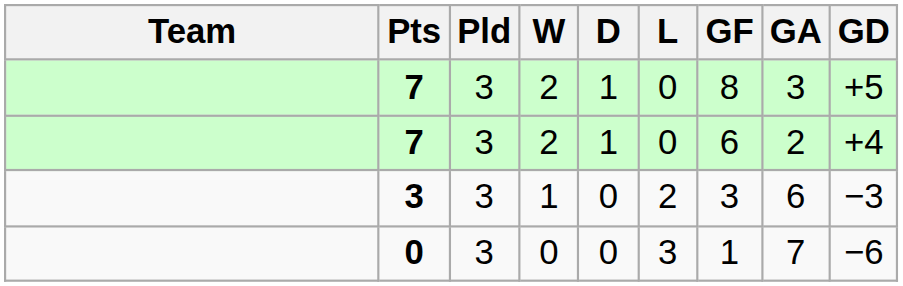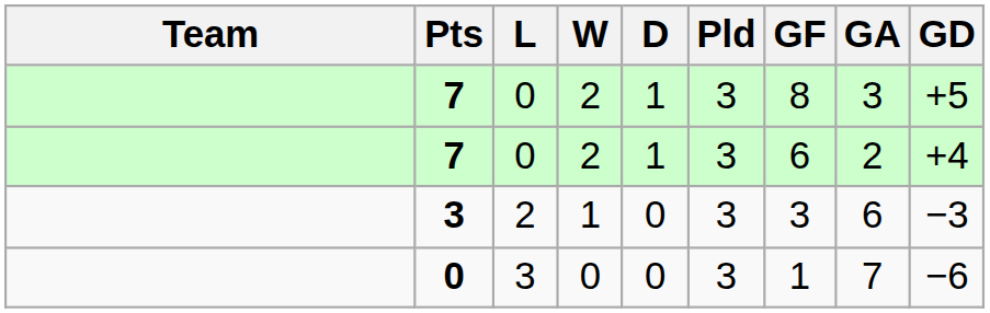 <table class="wikitable" style="text-align: center;">
 <tr>
 <th width=165>Team</th>
 <th width=20>Pts</th>
-<th width=20>Pld</th>
+<th width=20>L</th>
 <th width=20>W</th>
 <th width=20>D</th>
-<th width=20>L</th>
+<th width=20>Pld</th>
 <th width=20>GF</th>
 <th width=20>GA</th>
 <th width=20>GD</th>
 </tr>
 <tr style="background:#cfc;">
 <td style="text-align:left;"></td>
 <td><strong>7</strong></td>
-<td>3</td>
+<td>0</td>
 <td>2</td>
 <td>1</td>
-<td>0</td>
+<td>3</td>
 <td>8</td>
 <td>3</td>
 <td>+5</td>
 </tr>
 <tr style="background:#cfc;">
 <td style="text-align:left;"></td>
 <td><strong>7</strong></td>
-<td>3</td>
+<td>0</td>
 <td>2</td>
 <td>1</td>
-<td>0</td>
+<td>3</td>
 <td>6</td>
 <td>2</td>
 <td>+4</td>
 </tr>
 <tr>
 <td style="text-align:left;"></td>
 <td><strong>3</strong></td>
-<td>3</td>
+<td>2</td>
 <td>1</td>
 <td>0</td>
-<td>2</td>
+<td>3</td>
 <td>3</td>
 <td>6</td>
 <td>−3</td>
 </tr>
 <tr>
 <td style="text-align:left;"></td>
 <td><strong>0</strong></td>
 <td>3</td>
 <td>0</td>
 <td>0</td>
 <td>3</td>
 <td>1</td>
 <td>7</td>
 <td>−6</td>
 </tr>
 </table>
